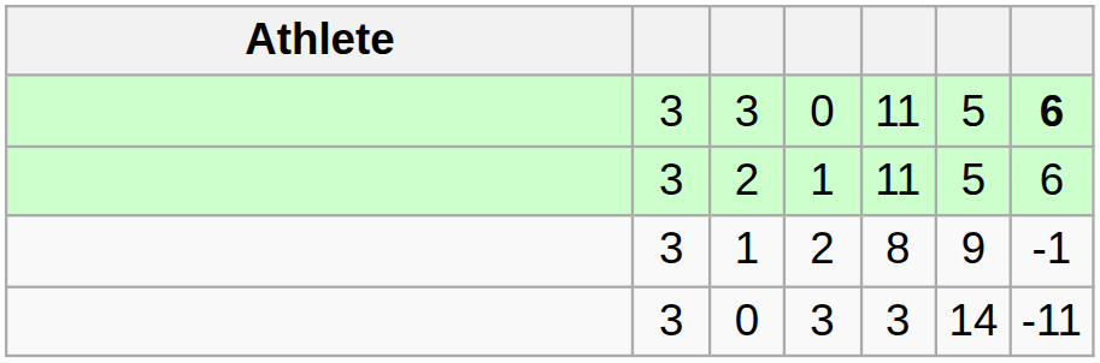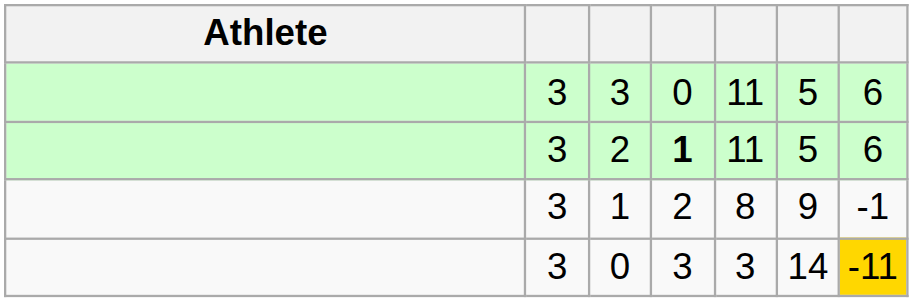 <table class="wikitable" style="text-align:center;">
 <tr>
 <th width=220>Athlete</th>
 <th width=20></th>
 <th width=20></th>
 <th width=20></th>
 <th width=20></th>
 <th width=20></th>
 <th width=20></th>
 </tr>
 <tr bgcolor=ccffcc>
 <td align="left"></td>
 <td>3</td>
 <td>3</td>
 <td>0</td>
 <td>11</td>
 <td>5</td>
-<td><strong>6</strong></td>
+<td>6</td>
 </tr>
 <tr bgcolor=ccffcc>
 <td align="left"></td>
 <td>3</td>
 <td>2</td>
-<td>1</td>
+<td><strong>1</strong></td>
 <td>11</td>
 <td>5</td>
 <td>6</td>
 </tr>
 <tr>
 <td align="left"></td>
 <td>3</td>
 <td>1</td>
 <td>2</td>
 <td>8</td>
 <td>9</td>
 <td>-1</td>
 </tr>
 <tr>
 <td align="left"></td>
 <td>3</td>
 <td>0</td>
 <td>3</td>
 <td>3</td>
 <td>14</td>
-<td>-11</td>
+<td style="background: gold;">-11</td>
 </tr>
 </table>
